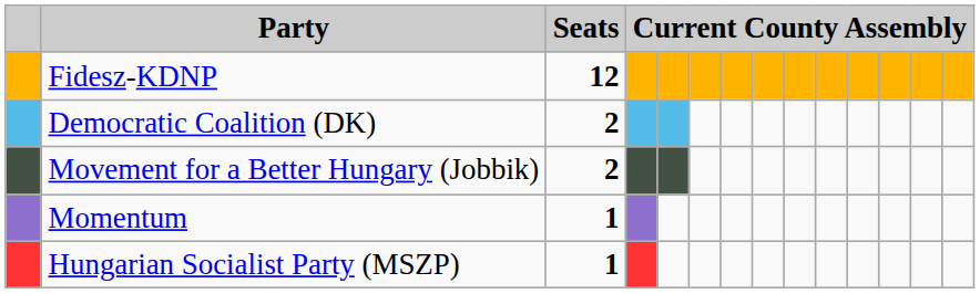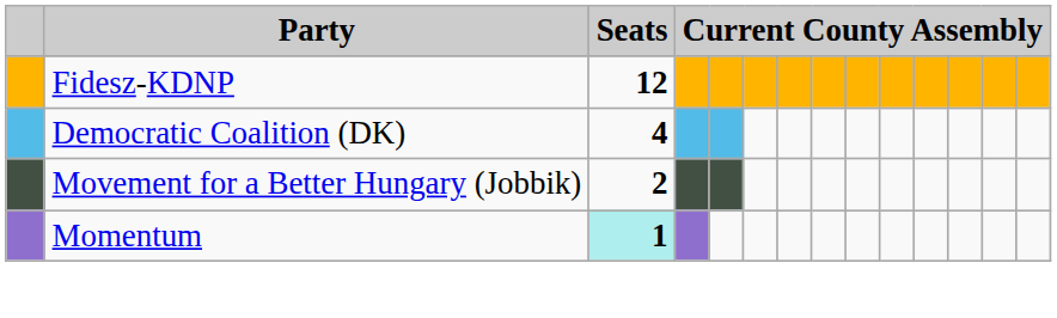 <table class="wikitable">
 <tr>
 <th style="background:#ccc">   </th>
 <th style="background:#ccc">Party</th>
 <th style="background:#ccc">Seats</th>
 <th style="background:#ccc" colspan=11>Current County Assembly</th>
 </tr>
 <tr>
 <td style="background-color: #FFB400"> </td>
 <td><a href='#'>Fidesz</a>-<a href='#'>KDNP</a></td>
 <td style="text-align: right"><strong>12</strong></td>
 <td style="background-color: #FFB400"> </td>
 <td style="background-color: #FFB400"> </td>
 <td style="background-color: #FFB400"> </td>
 <td style="background-color: #FFB400"> </td>
 <td style="background-color: #FFB400"> </td>
 <td style="background-color: #FFB400"> </td>
 <td style="background-color: #FFB400"> </td>
 <td style="background-color: #FFB400"> </td>
 <td style="background-color: #FFB400"> </td>
 <td style="background-color: #FFB400"> </td>
 <td style="background-color: #FFB400"> </td>
 </tr>
 <tr>
 <td style="background-color: #52BBE8"> </td>
 <td><a href='#'>Democratic Coalition</a> (DK)</td>
-<td style="text-align: right"><strong>2</strong></td>
+<td style="text-align: right"><strong>4</strong></td>
 <td style="background-color: #52BBE8"> </td>
 <td style="background-color: #52BBE8"> </td>
 <td> </td>
 <td> </td>
 <td> </td>
 <td> </td>
 <td> </td>
 <td> </td>
 <td> </td>
 <td> </td>
 <td> </td>
 </tr>
 <tr>
 <td style="background-color: #425044"> </td>
 <td><a href='#'>Movement for a Better Hungary</a> (Jobbik)</td>
 <td style="text-align: right"><strong>2</strong></td>
 <td style="background-color: #425044"> </td>
 <td style="background-color: #425044"> </td>
 <td> </td>
 <td> </td>
 <td> </td>
 <td> </td>
 <td> </td>
 <td> </td>
 <td> </td>
 <td> </td>
 <td> </td>
 </tr>
 <tr>
 <td style="background: #8E6FCE;"> </td>
 <td><a href='#'>Momentum</a></td>
-<td style="text-align: right"><strong>1</strong></td>
+<td style="background: paleturquoise; text-align: right"><strong>1</strong></td>
 <td style="background-color: #8E6FCE"> </td>
 <td> </td>
 <td> </td>
 <td> </td>
 <td> </td>
 <td> </td>
 <td> </td>
 <td> </td>
 <td> </td>
 <td> </td>
 <td> </td>
 </tr>
-<tr>
-<td style="background-color: #FF3333"> </td>
-<td><a href='#'>Hungarian Socialist Party</a> (MSZP)</td>
-<td style="text-align: right"><strong>1</strong></td>
-<td style="background-color: #FF3333"> </td>
-<td> </td>
-<td> </td>
-<td> </td>
-<td> </td>
-<td> </td>
-<td> </td>
-<td> </td>
-<td> </td>
-<td> </td>
-<td> </td>
-</tr>
 </table>
